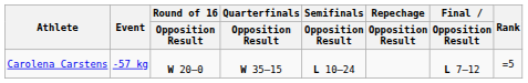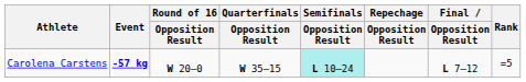 <table class="wikitable" style="font-size:90%">
 <tr>
 <th rowspan="2">Athlete</th>
 <th rowspan="2">Event</th>
 <th>Round of 16</th>
 <th>Quarterfinals</th>
 <th>Semifinals</th>
 <th>Repechage</th>
 <th>Final / </th>
 <th rowspan="2">Rank</th>
 </tr>
 <tr>
 <th>Opposition<br>Result</th>
 <th>Opposition<br>Result</th>
 <th>Opposition<br>Result</th>
 <th>Opposition<br>Result</th>
 <th>Opposition<br>Result</th>
 </tr>
 <tr align=center>
 <td align=left><a href='#'>Carolena Carstens</a></td>
-<td align=left><a href='#'>-57 kg</a></td>
+<td align=left><strong><a href='#'>-57 kg</a></strong></td>
 <td><br><strong>W</strong> 20–0</td>
 <td><br><strong>W</strong> 35–15</td>
-<td><br><strong>L</strong> 10–24</td>
+<td style="background: paleturquoise;"><br><strong>L</strong> 10–24</td>
 <td></td>
 <td><br><strong>L</strong> 7–12</td>
 <td>=5</td>
 </tr>
 </table>
